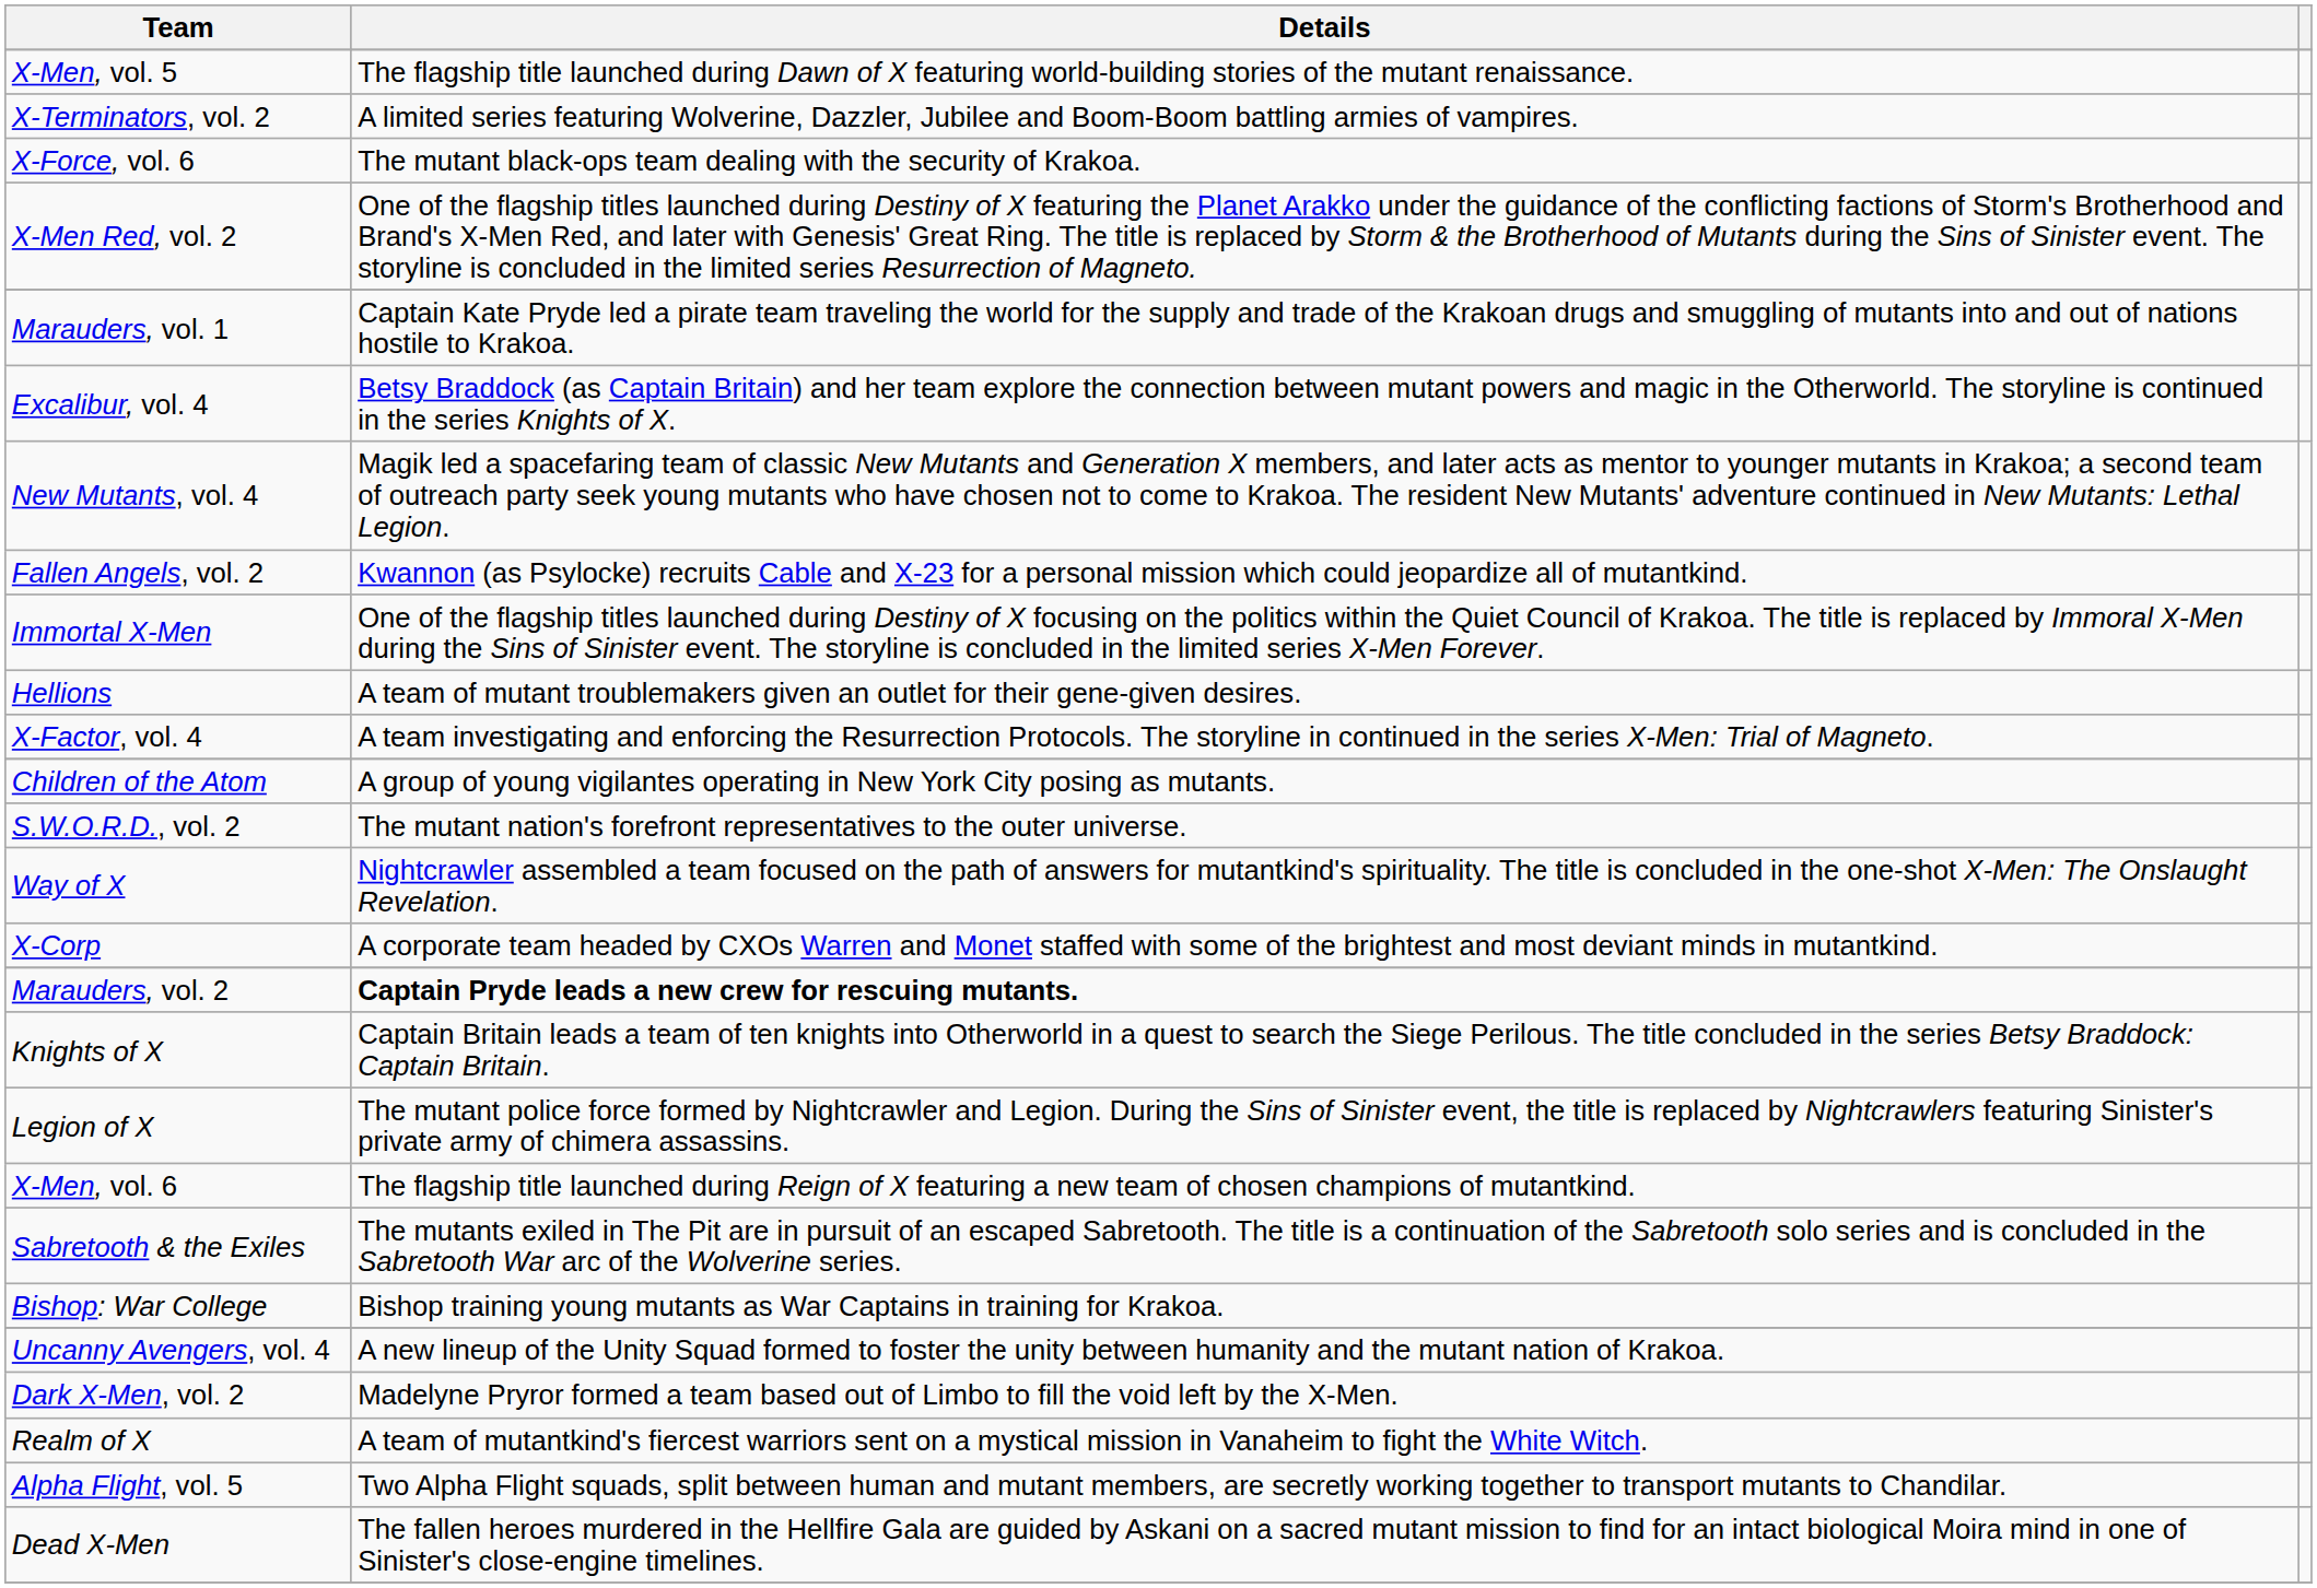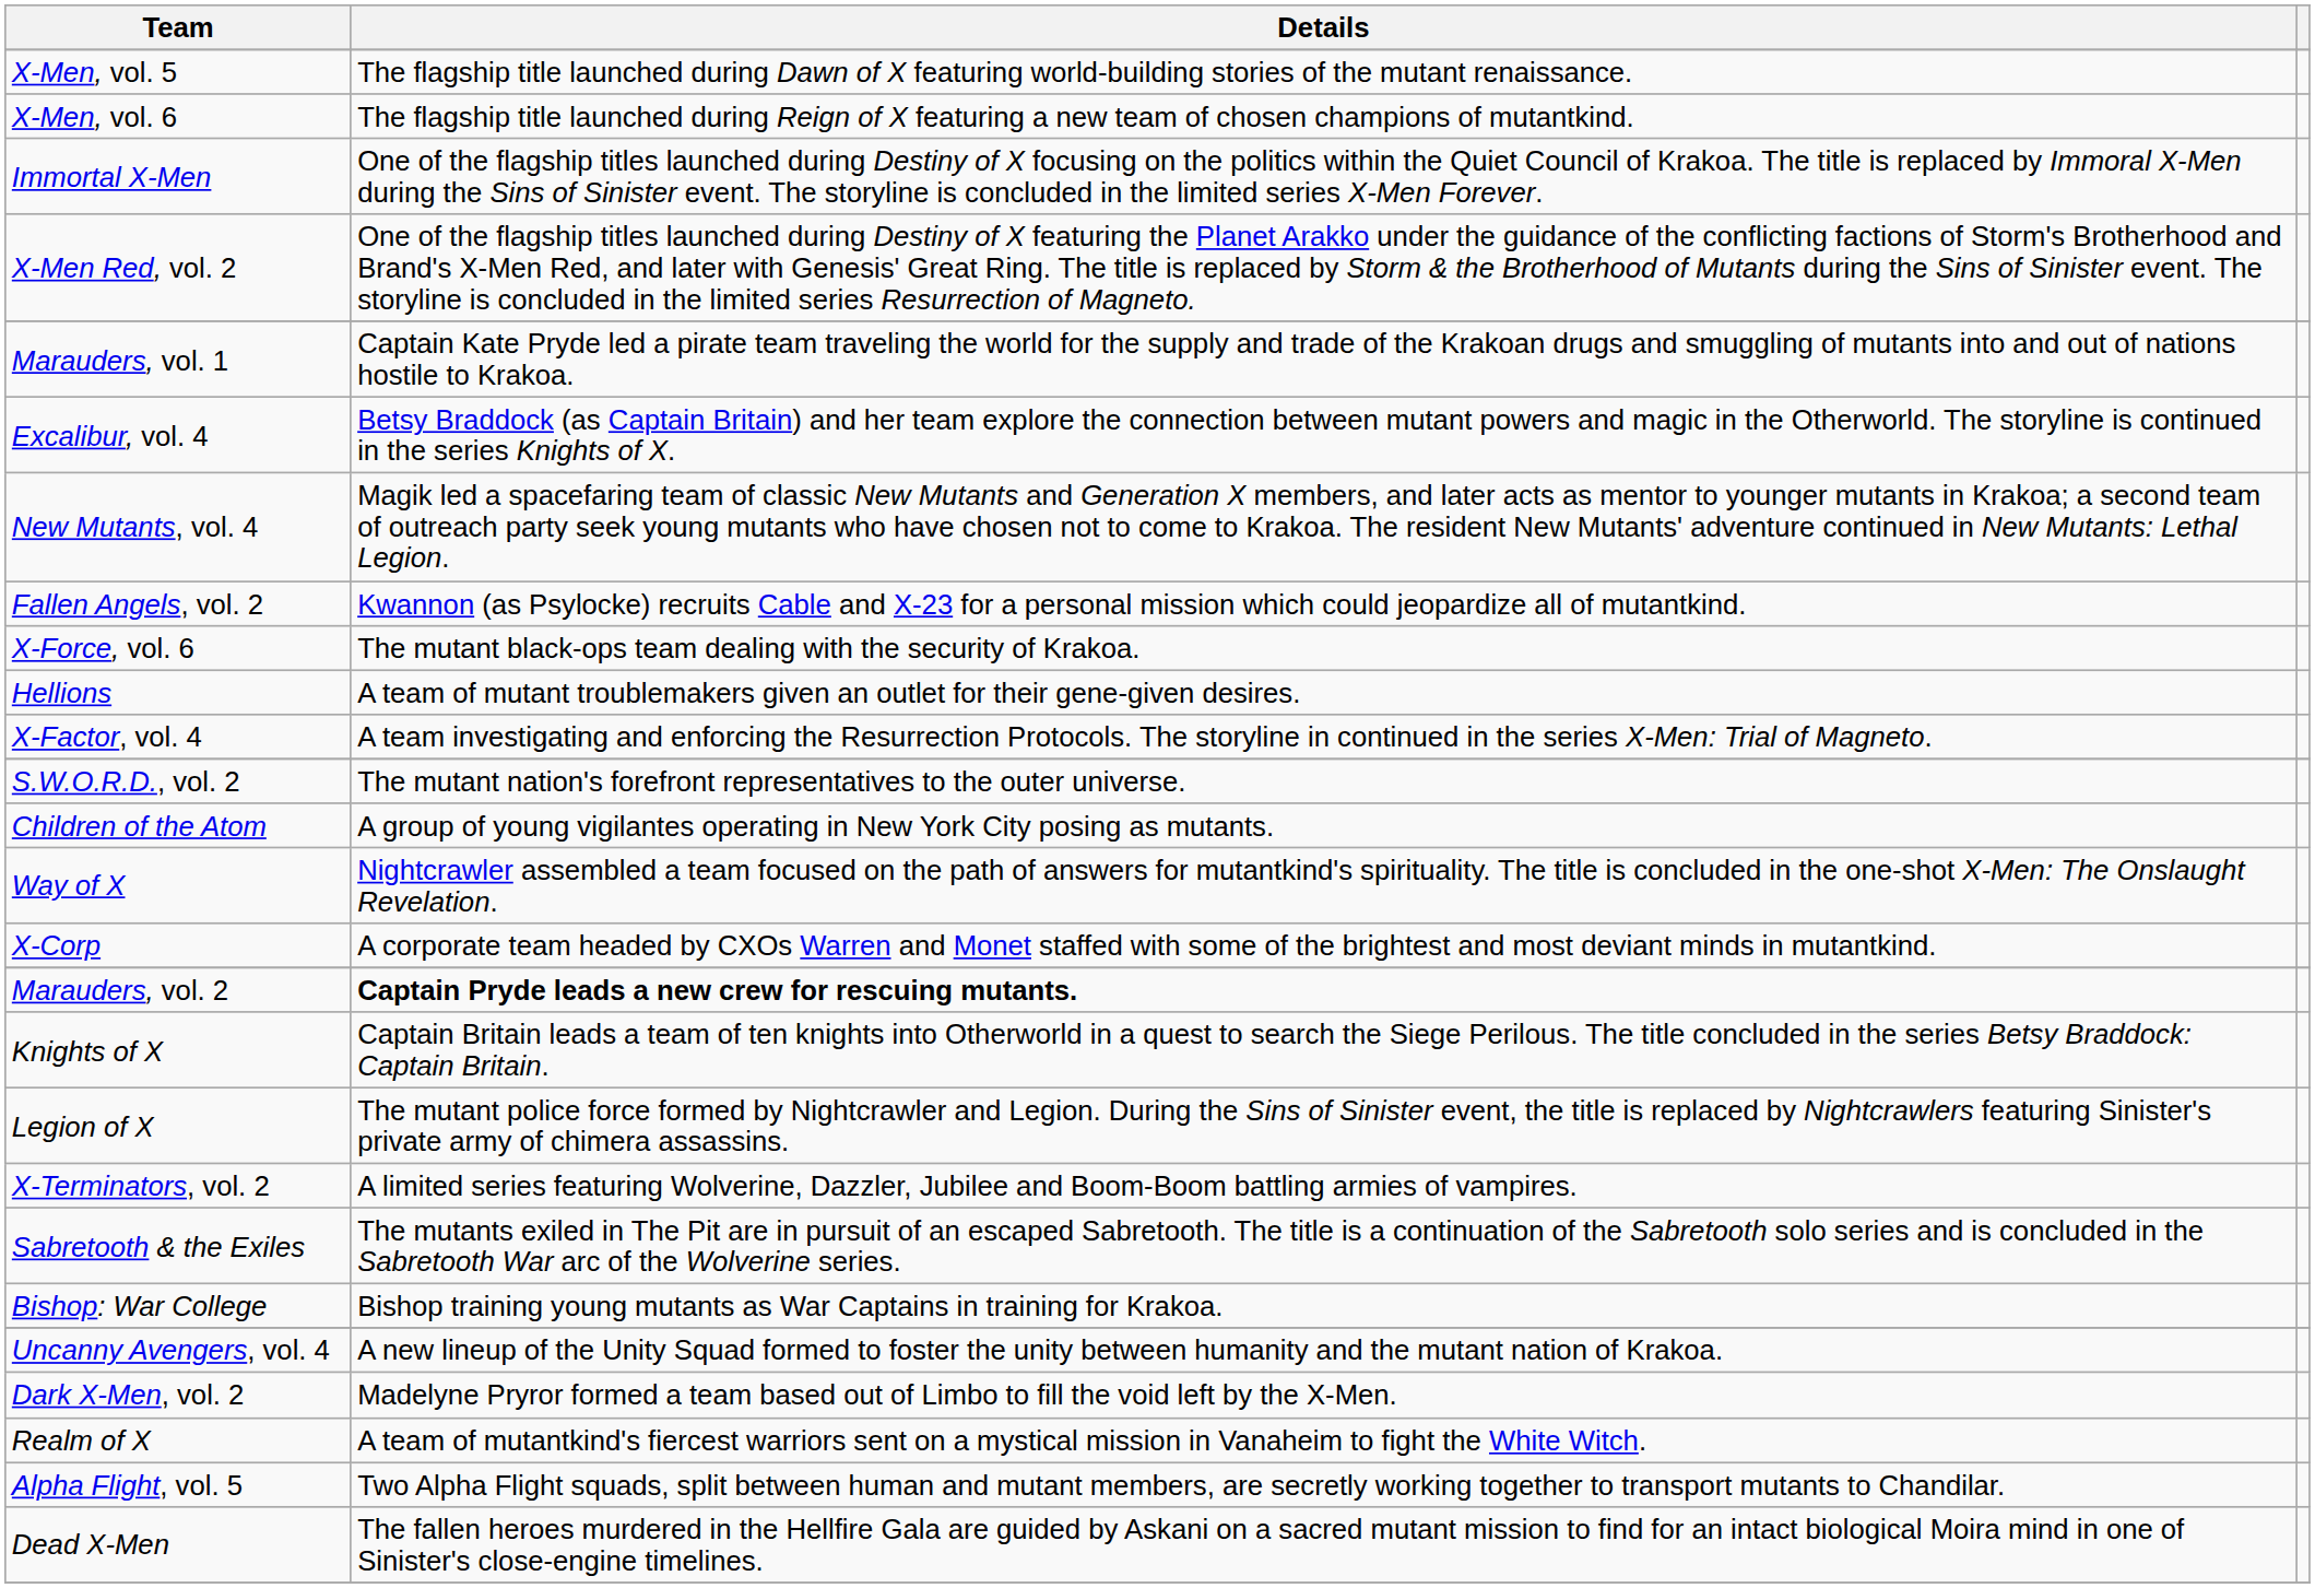 <table class="wikitable sortable" style="margins:auto; width=95%; font-size: 95%;">
 <tr>
 <th width="15%">Team</th>
 <th>Details</th>
 <th></th>
 </tr>
 <tr>
 </tr>
 <tr>
 <td><em><a href='#'>X-Men</a>,</em> vol. 5</td>
 <td>The flagship title launched during <em>Dawn of X</em> featuring world-building stories of the mutant renaissance.</td>
 <td></td>
 </tr>
 <tr>
-<td><em><a href='#'>X-Terminators</a></em>, vol. 2</td>
-<td>A limited series featuring Wolverine, Dazzler, Jubilee and Boom-Boom battling armies of vampires.</td>
+<td><em><a href='#'>X-Men</a>,</em> vol. 6</td>
+<td>The flagship title launched during <em>Reign of X</em> featuring a new team of chosen champions of mutantkind.</td>
 <td></td>
 </tr>
 <tr>
-<td><em><a href='#'>X-Force</a>,</em> vol. 6</td>
-<td>The mutant black-ops team dealing with the security of Krakoa.</td>
+<td><em><a href='#'>Immortal X-Men</a></em></td>
+<td>One of the flagship titles launched during <em>Destiny of X</em> focusing on the politics within the Quiet Council of Krakoa. The title is replaced by <em>Immoral X-Men</em> during the <em>Sins of Sinister</em> event. The storyline is concluded in the limited series <em>X-Men Forever</em>.</td>
 <td></td>
 </tr>
 <tr>
 <td><em><a href='#'>X-Men Red</a>,</em> vol. 2</td>
 <td>One of the flagship titles launched during <em>Destiny of X</em> featuring the <a href='#'>Planet Arakko</a> under the guidance of the conflicting factions of Storm's Brotherhood and Brand's X-Men Red, and later with Genesis' Great Ring. The title is replaced by <em>Storm & the Brotherhood of Mutants</em> during the <em>Sins of Sinister</em> event. The storyline is concluded in the limited series <em>Resurrection of Magneto.</em></td>
 <td></td>
 </tr>
 <tr>
 </tr>
 <tr>
 </tr>
 <tr>
 </tr>
 <tr>
 <td><em><a href='#'>Marauders</a>,</em> vol. 1</td>
 <td>Captain Kate Pryde led a pirate team traveling the world for the supply and trade of the Krakoan drugs and smuggling of mutants into and out of nations hostile to Krakoa.</td>
 <td></td>
 </tr>
 <tr>
 <td><em><a href='#'>Excalibur</a>,</em> vol. 4</td>
 <td><a href='#'>Betsy Braddock</a> (as <a href='#'>Captain Britain</a>) and her team explore the connection between mutant powers and magic in the Otherworld. The storyline is continued in the series <em>Knights of X</em>.</td>
 <td></td>
 </tr>
 <tr>
 <td><a href='#'><em>New Mutants</em></a>, vol. 4</td>
 <td>Magik led a spacefaring team of classic <em>New Mutants</em> and <em>Generation X</em> members, and later acts as mentor to younger mutants in Krakoa; a second team of outreach party seek young mutants who have chosen not to come to Krakoa. The resident New Mutants' adventure continued in <em>New Mutants: Lethal Legion</em>.</td>
 <td></td>
 </tr>
 <tr>
 <td><a href='#'><em>Fallen Angels</em></a>, vol. 2</td>
 <td><a href='#'>Kwannon</a> (as Psylocke) recruits <a href='#'>Cable</a> and <a href='#'>X-23</a> for a personal mission which could jeopardize all of mutantkind.</td>
 <td></td>
 </tr>
 <tr>
-<td><em><a href='#'>Immortal X-Men</a></em></td>
-<td>One of the flagship titles launched during <em>Destiny of X</em> focusing on the politics within the Quiet Council of Krakoa. The title is replaced by <em>Immoral X-Men</em> during the <em>Sins of Sinister</em> event. The storyline is concluded in the limited series <em>X-Men Forever</em>.</td>
+<td><em><a href='#'>X-Force</a>,</em> vol. 6</td>
+<td>The mutant black-ops team dealing with the security of Krakoa.</td>
 <td></td>
 </tr>
 <tr>
 <td><em><a href='#'>Hellions</a></em></td>
 <td>A team of mutant troublemakers given an outlet for their gene-given desires.</td>
 <td></td>
 </tr>
 <tr>
 <td><a href='#'><em>X-Factor</em></a>, vol. 4</td>
 <td>A team investigating and enforcing the Resurrection Protocols. The storyline in continued in the series <em>X-Men:</em> <em>Trial of Magneto</em>.</td>
 <td></td>
 </tr>
 <tr>
 </tr>
 <tr>
-<td><em><a href='#'>Children of the Atom</a></em></td>
-<td>A group of young vigilantes operating in New York City posing as mutants.</td>
+<td><a href='#'><em>S.W.O.R.D.</em></a>, vol. 2</td>
+<td>The mutant nation's forefront representatives to the outer universe.</td>
 <td></td>
 </tr>
 <tr>
-<td><a href='#'><em>S.W.O.R.D.</em></a>, vol. 2</td>
-<td>The mutant nation's forefront representatives to the outer universe.</td>
+<td><em><a href='#'>Children of the Atom</a></em></td>
+<td>A group of young vigilantes operating in New York City posing as mutants.</td>
 <td></td>
 </tr>
 <tr>
 <td><em><a href='#'>Way of X</a></em></td>
 <td><a href='#'>Nightcrawler</a> assembled a team focused on the path of answers for mutantkind's spirituality. The title is concluded in the one-shot <em>X-Men: The Onslaught Revelation</em>.</td>
 <td></td>
 </tr>
 <tr>
 <td><em><a href='#'>X-Corp</a></em></td>
 <td>A corporate team headed by CXOs <a href='#'>Warren</a> and <a href='#'>Monet</a> staffed with some of the brightest and most deviant minds in mutantkind.</td>
 <td></td>
 </tr>
 <tr>
 </tr>
 <tr>
 <td><em><a href='#'>Marauders</a>,</em> vol. 2</td>
 <td><strong>Captain Pryde leads a new crew for rescuing mutants.</strong></td>
 <td></td>
 </tr>
 <tr>
 <td><em>Knights of X</em></td>
 <td>Captain Britain leads a team of ten knights into Otherworld in a quest to search the Siege Perilous. The title concluded in the series <em>Betsy Braddock: Captain Britain</em>.</td>
 <td></td>
 </tr>
 <tr>
 <td><em>Legion of X</em></td>
 <td>The mutant police force formed by Nightcrawler and Legion. During the <em>Sins of Sinister</em> event, the title is replaced by <em>Nightcrawlers</em> featuring Sinister's private army of chimera assassins.</td>
 <td></td>
 </tr>
 <tr>
-<td><em><a href='#'>X-Men</a>,</em> vol. 6</td>
-<td>The flagship title launched during <em>Reign of X</em> featuring a new team of chosen champions of mutantkind.</td>
+<td><em><a href='#'>X-Terminators</a></em>, vol. 2</td>
+<td>A limited series featuring Wolverine, Dazzler, Jubilee and Boom-Boom battling armies of vampires.</td>
 <td></td>
 </tr>
 <tr>
 <td><em><a href='#'>Sabretooth</a> & the Exiles</em></td>
 <td>The mutants exiled in The Pit are in pursuit of an escaped Sabretooth. The title is a continuation of the <em>Sabretooth</em> solo series and is concluded in the <em>Sabretooth War</em> arc of the <em>Wolverine</em> series.</td>
 <td></td>
 </tr>
 <tr>
 <td><em><a href='#'>Bishop</a>: War College</em></td>
 <td>Bishop training young mutants as War Captains in training for Krakoa.</td>
 <td></td>
 </tr>
 <tr>
 </tr>
 <tr>
 <td><em><a href='#'>Uncanny Avengers</a></em>, vol. 4</td>
 <td>A new lineup of the Unity Squad formed to foster the unity between humanity and the mutant nation of Krakoa.</td>
 <td></td>
 </tr>
 <tr>
 <td><em><a href='#'>Dark X-Men</a></em>, vol. 2</td>
 <td>Madelyne Pryror formed a team based out of Limbo to fill the void left by the X-Men.</td>
 <td></td>
 </tr>
 <tr>
 <td><em>Realm of X</em></td>
 <td>A team of mutantkind's fiercest warriors sent on a mystical mission in Vanaheim to fight the <a href='#'>White Witch</a>.</td>
 <td></td>
 </tr>
 <tr>
 <td><em><a href='#'>Alpha Flight</a></em>, vol. 5</td>
 <td>Two Alpha Flight squads, split between human and mutant members, are secretly working together to transport mutants to Chandilar.</td>
 <td></td>
 </tr>
 <tr>
 <td><em>Dead X-Men</em></td>
 <td>The fallen heroes murdered in the Hellfire Gala are guided by Askani on a sacred mutant mission to find for an intact biological Moira mind in one of Sinister's close-engine timelines.</td>
 <td></td>
 </tr>
 <tr>
 </tr>
 </table>
